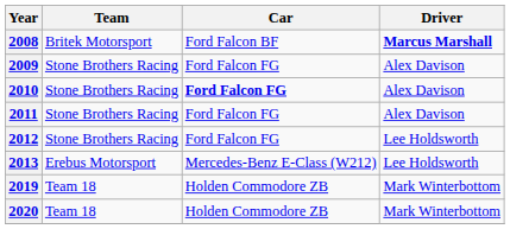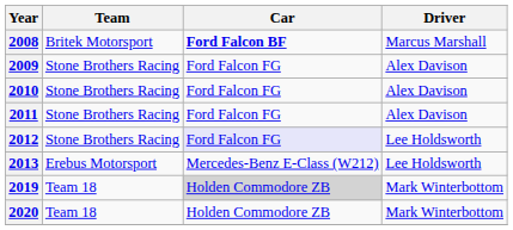 <table class="wikitable" style="font-size: 90%">
 <tr>
 <th>Year</th>
 <th>Team</th>
 <th>Car</th>
 <th>Driver</th>
 </tr>
 <tr>
 <th><a href='#'>2008</a></th>
 <td><a href='#'>Britek Motorsport</a></td>
-<td><a href='#'>Ford Falcon BF</a></td>
-<td><strong><a href='#'>Marcus Marshall</a></strong></td>
+<td><strong><a href='#'>Ford Falcon BF</a></strong></td>
+<td><a href='#'>Marcus Marshall</a></td>
 </tr>
 <tr>
 <th><a href='#'>2009</a></th>
 <td><a href='#'>Stone Brothers Racing</a></td>
 <td><a href='#'>Ford Falcon FG</a></td>
 <td><a href='#'>Alex Davison</a></td>
 </tr>
 <tr>
 <th><a href='#'>2010</a></th>
 <td><a href='#'>Stone Brothers Racing</a></td>
-<td><strong><a href='#'>Ford Falcon FG</a></strong></td>
+<td><a href='#'>Ford Falcon FG</a></td>
 <td><a href='#'>Alex Davison</a></td>
 </tr>
 <tr>
 <th><a href='#'>2011</a></th>
 <td><a href='#'>Stone Brothers Racing</a></td>
 <td><a href='#'>Ford Falcon FG</a></td>
 <td><a href='#'>Alex Davison</a></td>
 </tr>
 <tr>
 <th><a href='#'>2012</a></th>
 <td><a href='#'>Stone Brothers Racing</a></td>
-<td><a href='#'>Ford Falcon FG</a></td>
+<td style="background: lavender;"><a href='#'>Ford Falcon FG</a></td>
 <td><a href='#'>Lee Holdsworth</a></td>
 </tr>
 <tr>
 <th><a href='#'>2013</a></th>
 <td><a href='#'>Erebus Motorsport</a></td>
 <td><a href='#'>Mercedes-Benz E-Class (W212)</a></td>
 <td><a href='#'>Lee Holdsworth</a></td>
 </tr>
 <tr>
 <th><a href='#'>2019</a></th>
 <td><a href='#'>Team 18</a></td>
-<td><a href='#'>Holden Commodore ZB</a></td>
+<td style="background: lightgrey;"><a href='#'>Holden Commodore ZB</a></td>
 <td><a href='#'>Mark Winterbottom</a></td>
 </tr>
 <tr>
 <th><a href='#'>2020</a></th>
 <td><a href='#'>Team 18</a></td>
 <td><a href='#'>Holden Commodore ZB</a></td>
 <td><a href='#'>Mark Winterbottom</a></td>
 </tr>
 <tr>
 </tr>
 </table>
